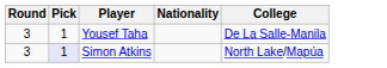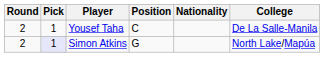 <table class="wikitable sortable sortable">
 <tr>
 <th>Round</th>
 <th>Pick</th>
 <th>Player</th>
+<th>Position</th>
 <th>Nationality</th>
 <th>College</th>
 </tr>
 <tr>
-<td align=center>3</td>
+<td align=center>2</td>
 <td align=center>1</td>
 <td><a href='#'>Yousef Taha</a></td>
+<td>C</td>
 <td></td>
 <td><a href='#'>De La Salle-Manila</a></td>
 </tr>
 <tr>
-<td align=center>3</td>
+<td align=center>2</td>
 <td align=center style="background: lavender;">1</td>
 <td><a href='#'>Simon Atkins</a></td>
+<td>G</td>
 <td></td>
 <td><a href='#'>North Lake</a>/<a href='#'>Mapúa</a></td>
 </tr>
 </table>
